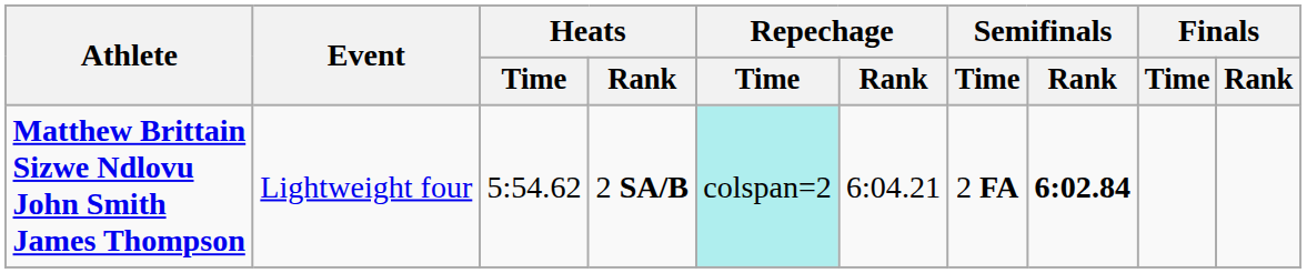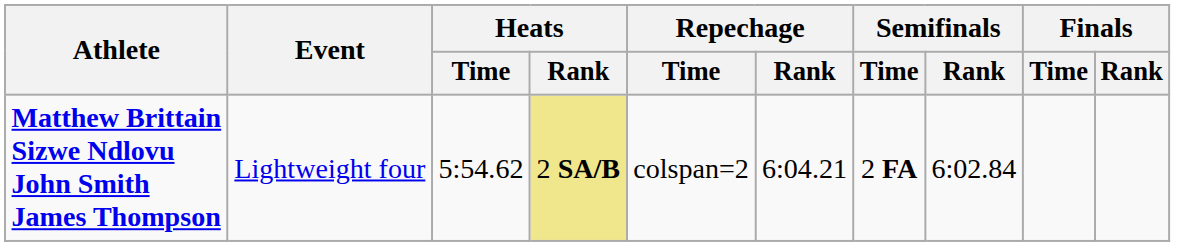 <table class="wikitable" style="font-size:90%">
 <tr>
 <th rowspan="2">Athlete</th>
 <th rowspan="2">Event</th>
 <th colspan="2">Heats</th>
 <th colspan="2">Repechage</th>
 <th colspan="2">Semifinals</th>
 <th colspan="2">Finals</th>
 </tr>
 <tr style="font-size:95%">
 <th>Time</th>
 <th>Rank</th>
 <th>Time</th>
 <th>Rank</th>
 <th>Time</th>
 <th>Rank</th>
 <th>Time</th>
 <th>Rank</th>
 </tr>
 <tr align=center>
 <td align=left><strong><a href='#'>Matthew Brittain</a><br><a href='#'>Sizwe Ndlovu</a><br><a href='#'>John Smith</a><br><a href='#'>James Thompson</a></strong></td>
 <td align=left><a href='#'>Lightweight four</a></td>
 <td>5:54.62</td>
-<td>2 <strong>SA/B</strong></td>
-<td style="background: paleturquoise;">colspan=2 </td>
+<td style="background: khaki;">2 <strong>SA/B</strong></td>
+<td>colspan=2 </td>
 <td>6:04.21</td>
 <td>2 <strong>FA</strong></td>
-<td><strong>6:02.84</strong></td>
+<td>6:02.84</td>
 <td></td>
 </tr>
 </table>
